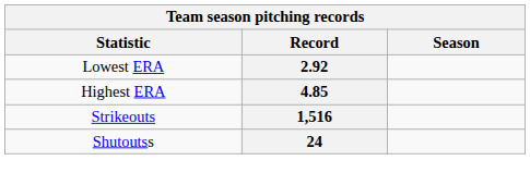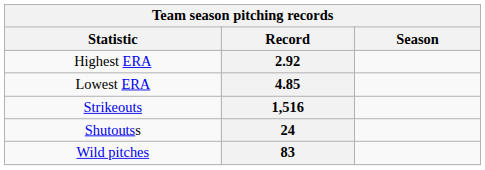 <table class="wikitable sortable" style="text-align:center" width="60%">
 <tr>
 <th colspan=3>Team season pitching records</th>
 </tr>
 <tr>
 <th scope="col">Statistic</th>
 <th scope="col" class="unsortable">Record</th>
 <th scope="col">Season</th>
 </tr>
 <tr>
-<td>Lowest <a href='#'>ERA</a></td>
+<td>Highest <a href='#'>ERA</a></td>
 <th scope="row">2.92</th>
 <td></td>
 </tr>
 <tr>
-<td>Highest <a href='#'>ERA</a></td>
+<td>Lowest <a href='#'>ERA</a></td>
 <th scope="row">4.85</th>
 <td></td>
 </tr>
 <tr>
 <td><a href='#'>Strikeouts</a></td>
 <th scope="row">1,516</th>
 <td></td>
 </tr>
 <tr>
 <td><a href='#'>Shutouts</a>s</td>
 <th scope="row">24</th>
 <td></td>
 </tr>
+<tr>
+<td><a href='#'>Wild pitches</a></td>
+<th scope="row">83</th>
+<td></td>
+</tr>
 </table>
